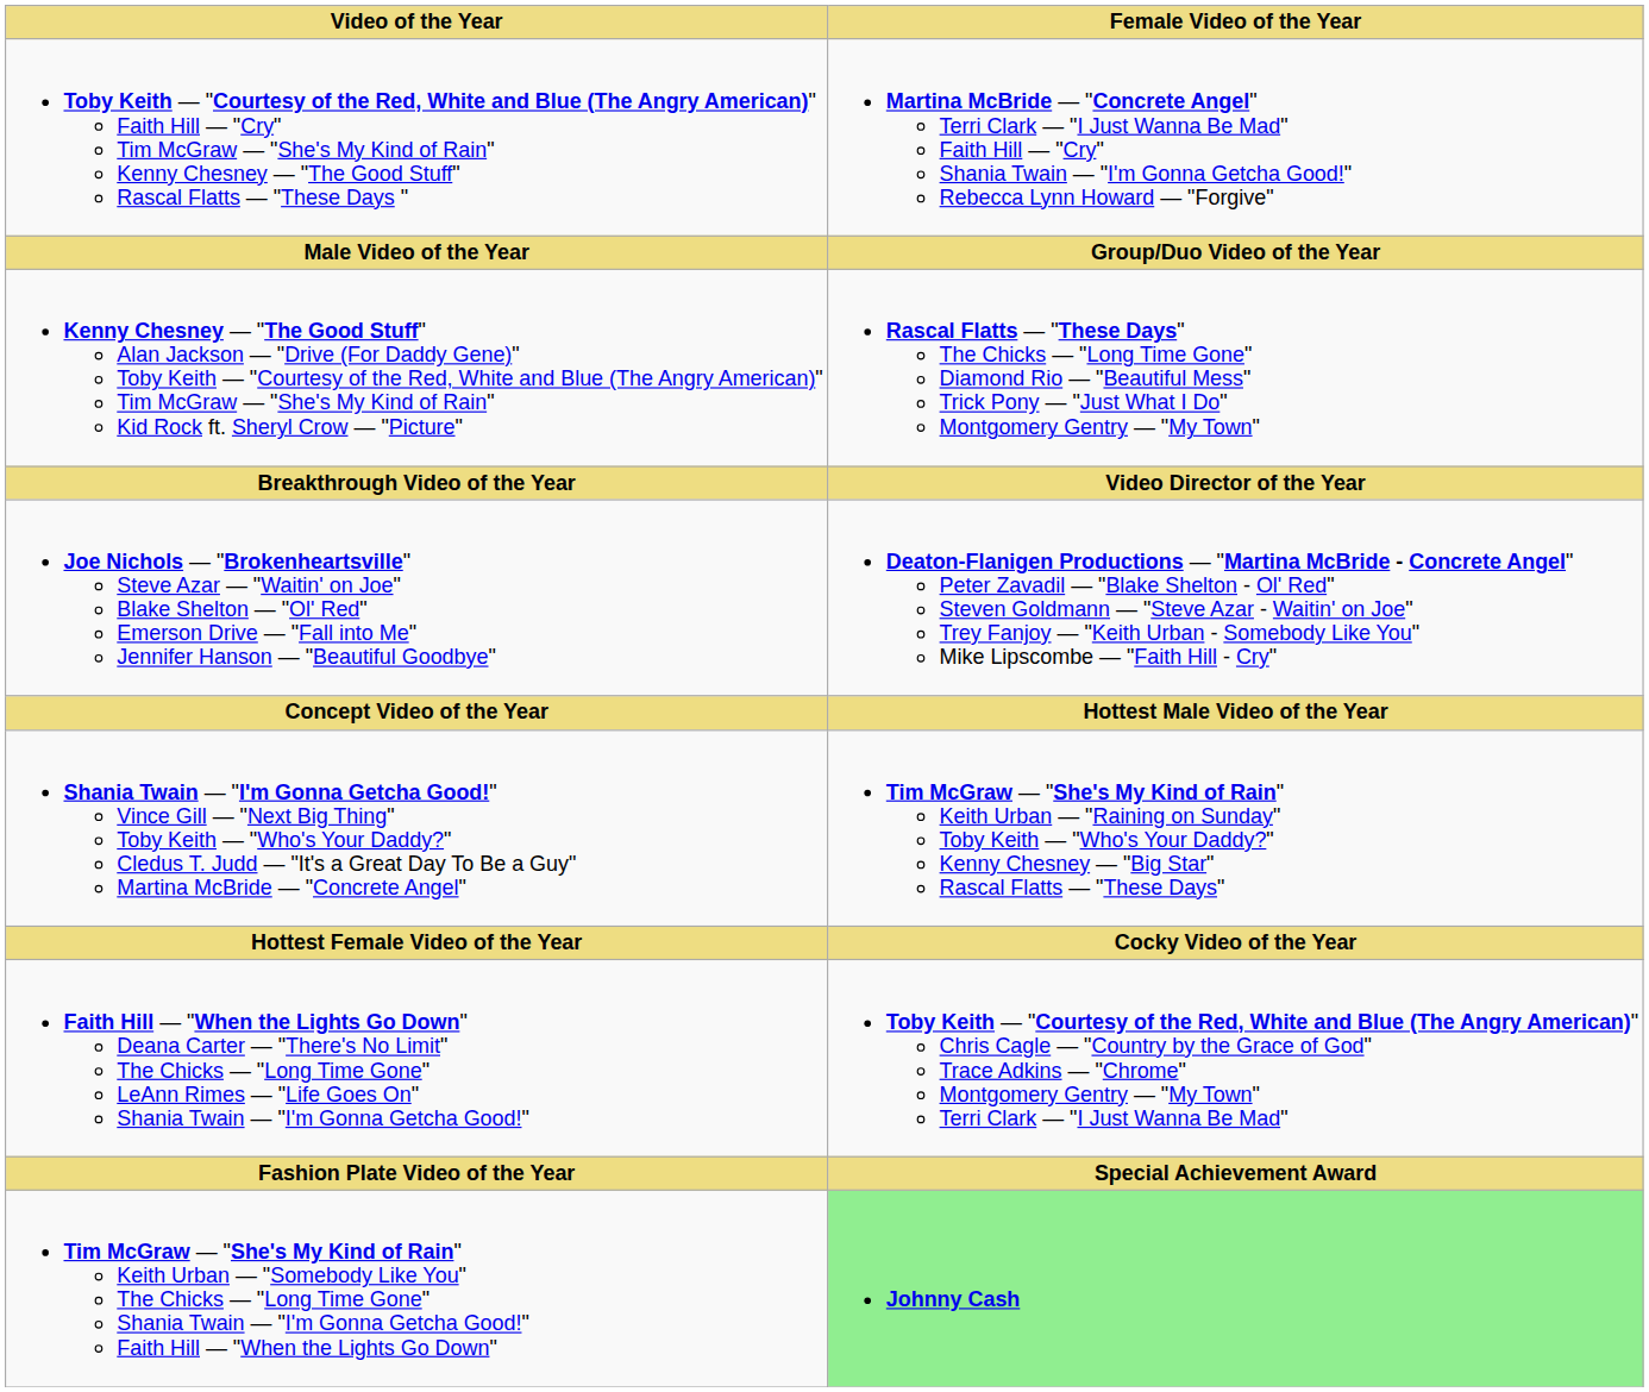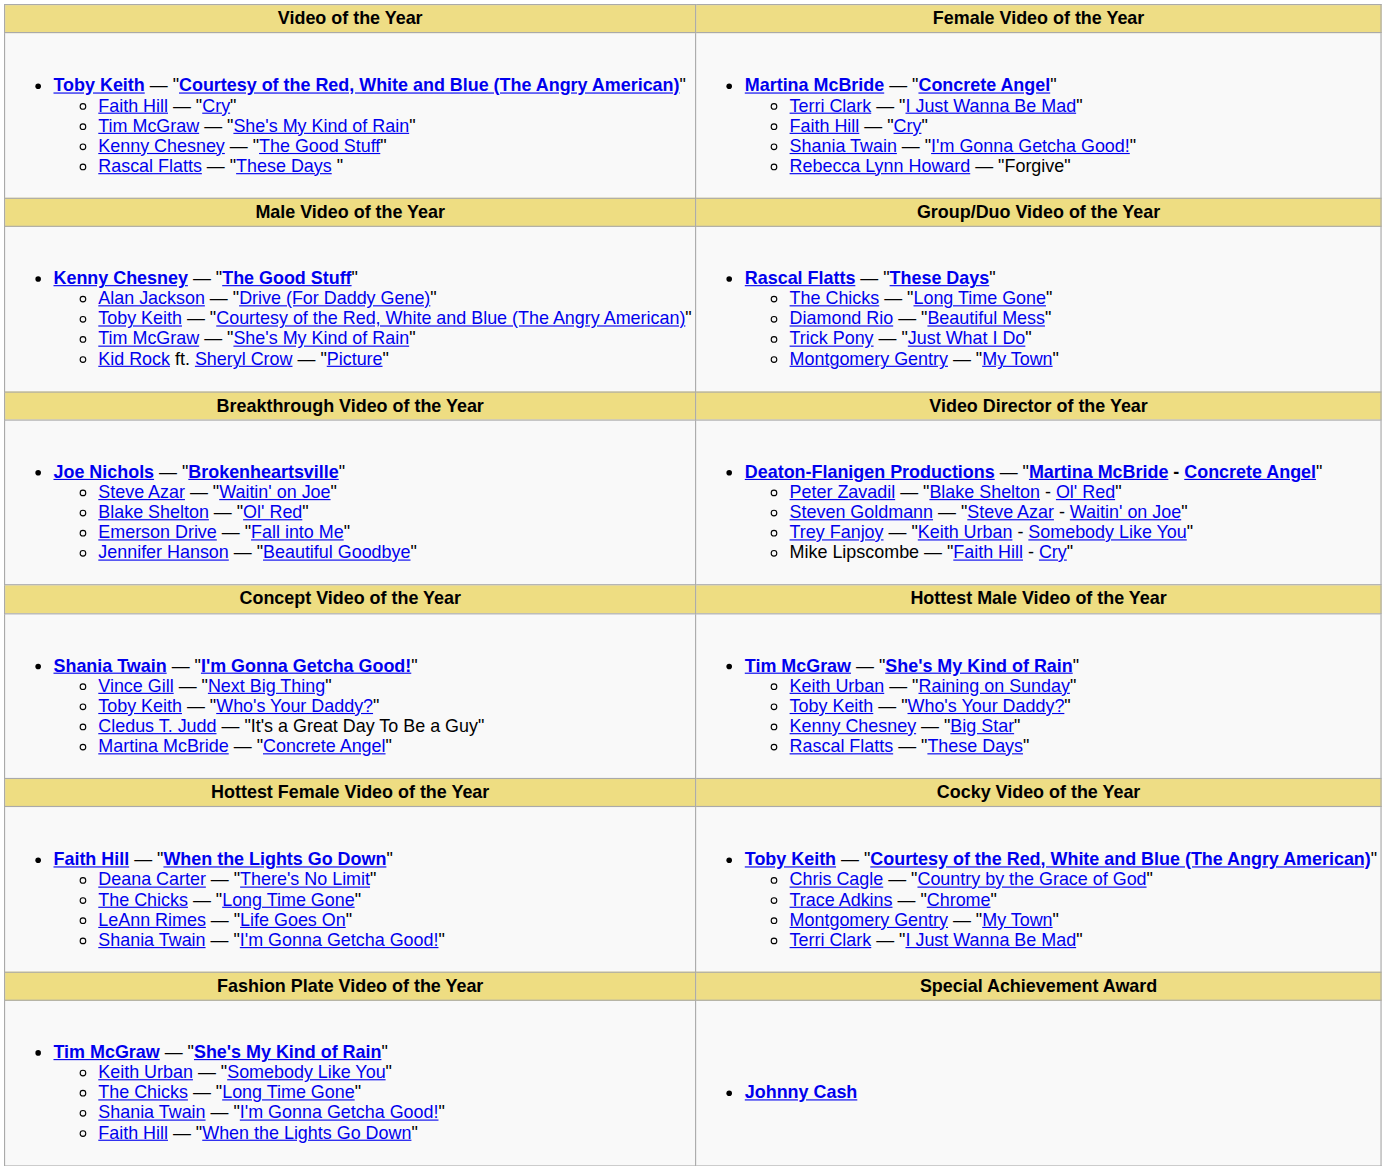 <table class="wikitable">
 <tr>
 <th style="background:#EEDD85; width=50%">Video of the Year</th>
 <th style="background:#EEDD85; width=50%">Female Video of the Year</th>
 </tr>
 <tr>
 <td valign="top"><br><ul><li><strong><a href='#'>Toby Keith</a></strong> — "<strong><a href='#'>Courtesy of the Red, White and Blue (The Angry American)</a></strong>"<ul><li><a href='#'>Faith Hill</a> — "<a href='#'>Cry</a>"</li><li><a href='#'>Tim McGraw</a> — "<a href='#'>She's My Kind of Rain</a>"</li><li><a href='#'>Kenny Chesney</a> — "<a href='#'>The Good Stuff</a>"</li><li><a href='#'>Rascal Flatts</a> — "<a href='#'>These Days</a> "</li></ul></li></ul></td>
 <td valign="top"><br><ul><li><strong><a href='#'>Martina McBride</a></strong> — "<strong><a href='#'>Concrete Angel</a></strong>"<ul><li><a href='#'>Terri Clark</a> — "<a href='#'>I Just Wanna Be Mad</a>"</li><li><a href='#'>Faith Hill</a> — "<a href='#'>Cry</a>"</li><li><a href='#'>Shania Twain</a> — "<a href='#'>I'm Gonna Getcha Good!</a>"</li><li><a href='#'>Rebecca Lynn Howard</a> — "Forgive"</li></ul></li></ul></td>
 </tr>
 <tr>
 <th style="background:#EEDD82; width=50%">Male Video of the Year</th>
 <th style="background:#EEDD82; width=50%">Group/Duo Video of the Year</th>
 </tr>
 <tr>
 <td valign="top"><br><ul><li><strong><a href='#'>Kenny Chesney</a></strong> — "<strong><a href='#'>The Good Stuff</a></strong>"<ul><li><a href='#'>Alan Jackson</a> — "<a href='#'>Drive (For Daddy Gene)</a>"</li><li><a href='#'>Toby Keith</a> — "<a href='#'>Courtesy of the Red, White and Blue (The Angry American)</a>"</li><li><a href='#'>Tim McGraw</a> — "<a href='#'>She's My Kind of Rain</a>"</li><li><a href='#'>Kid Rock</a> ft. <a href='#'>Sheryl Crow</a> — "<a href='#'>Picture</a>"</li></ul></li></ul></td>
 <td valign="top"><br><ul><li><strong><a href='#'>Rascal Flatts</a></strong> — "<a href='#'><strong>These Days</strong></a>"<ul><li><a href='#'>The Chicks</a> — "<a href='#'>Long Time Gone</a>"</li><li><a href='#'>Diamond Rio</a> — "<a href='#'>Beautiful Mess</a>"</li><li><a href='#'>Trick Pony</a> — "<a href='#'>Just What I Do</a>"</li><li><a href='#'>Montgomery Gentry</a> — "<a href='#'>My Town</a>"</li></ul></li></ul></td>
 </tr>
 <tr>
 <th style="background:#EEDD82; width=50%">Breakthrough Video of the Year</th>
 <th style="background:#EEDD82; width=50%">Video Director of the Year</th>
 </tr>
 <tr>
 <td valign="top"><br><ul><li><strong><a href='#'>Joe Nichols</a></strong> — "<strong><a href='#'>Brokenheartsville</a></strong>"<ul><li><a href='#'>Steve Azar</a> — "<a href='#'>Waitin' on Joe</a>"</li><li><a href='#'>Blake Shelton</a> — "<a href='#'>Ol' Red</a>"</li><li><a href='#'>Emerson Drive</a> — "<a href='#'>Fall into Me</a>"</li><li><a href='#'>Jennifer Hanson</a> — "<a href='#'>Beautiful Goodbye</a>"</li></ul></li></ul></td>
 <td valign="top"><br><ul><li><strong><a href='#'>Deaton-Flanigen Productions</a></strong> — "<strong><a href='#'>Martina McBride</a> - <a href='#'>Concrete Angel</a></strong>"<ul><li><a href='#'>Peter Zavadil</a> — "<a href='#'>Blake Shelton</a> - <a href='#'>Ol' Red</a>"</li><li><a href='#'>Steven Goldmann</a> — "<a href='#'>Steve Azar</a> - <a href='#'>Waitin' on Joe</a>"</li><li><a href='#'>Trey Fanjoy</a> — "<a href='#'>Keith Urban</a> - <a href='#'>Somebody Like You</a>"</li><li>Mike Lipscombe — "<a href='#'>Faith Hill</a> - <a href='#'>Cry</a>"</li></ul></li></ul></td>
 </tr>
 <tr>
 <th style="background:#EEDD82; width=50%">Concept Video of the Year</th>
 <th style="background:#EEDD82; width=50%">Hottest Male Video of the Year</th>
 </tr>
 <tr>
 <td valign="top"><br><ul><li><strong><a href='#'>Shania Twain</a></strong> — "<strong><a href='#'>I'm Gonna Getcha Good!</a></strong>"<ul><li><a href='#'>Vince Gill</a> — "<a href='#'>Next Big Thing</a>"</li><li><a href='#'>Toby Keith</a> — "<a href='#'>Who's Your Daddy?</a>"</li><li><a href='#'>Cledus T. Judd</a> — "It's a Great Day To Be a Guy"</li><li><a href='#'>Martina McBride</a> — "<a href='#'>Concrete Angel</a>"</li></ul></li></ul></td>
 <td valign="top"><br><ul><li><strong><a href='#'>Tim McGraw</a></strong> — "<strong><a href='#'>She's My Kind of Rain</a></strong>"<ul><li><a href='#'>Keith Urban</a> — "<a href='#'>Raining on Sunday</a>"</li><li><a href='#'>Toby Keith</a> — "<a href='#'>Who's Your Daddy?</a>"</li><li><a href='#'>Kenny Chesney</a> — "<a href='#'>Big Star</a>"</li><li><a href='#'>Rascal Flatts</a> — "<a href='#'>These Days</a>"</li></ul></li></ul></td>
 </tr>
 <tr>
 <th style="background:#EEDD82; width=50%">Hottest Female Video of the Year</th>
 <th style="background:#EEDD85; width=50%">Cocky Video of the Year</th>
 </tr>
 <tr>
 <td><br><ul><li><strong><a href='#'>Faith Hill</a></strong> — "<a href='#'><strong>When the Lights Go Down</strong></a>"<ul><li><a href='#'>Deana Carter</a> — "<a href='#'>There's No Limit</a>"</li><li><a href='#'>The Chicks</a> — "<a href='#'>Long Time Gone</a>"</li><li><a href='#'>LeAnn Rimes</a> — "<a href='#'>Life Goes On</a>"</li><li><a href='#'>Shania Twain</a> — "<a href='#'>I'm Gonna Getcha Good!</a>"</li></ul></li></ul></td>
 <td><br><ul><li><strong><a href='#'>Toby Keith</a></strong> — "<strong><a href='#'>Courtesy of the Red, White and Blue (The Angry American)</a></strong>"<ul><li><a href='#'>Chris Cagle</a> — "<a href='#'>Country by the Grace of God</a>"</li><li><a href='#'>Trace Adkins</a> — "<a href='#'>Chrome</a>"</li><li><a href='#'>Montgomery Gentry</a> — "<a href='#'>My Town</a>"</li><li><a href='#'>Terri Clark</a> — "<a href='#'>I Just Wanna Be Mad</a>"</li></ul></li></ul></td>
 </tr>
 <tr>
 <th style="background:#EEDD82; width=50%">Fashion Plate Video of the Year</th>
 <th style="background:#EEDD85; width=50%">Special Achievement Award</th>
 </tr>
 <tr>
 <td><br><ul><li><strong><a href='#'>Tim McGraw</a></strong> — "<strong><a href='#'>She's My Kind of Rain</a></strong>"<ul><li><a href='#'>Keith Urban</a> — "<a href='#'>Somebody Like You</a>"</li><li><a href='#'>The Chicks</a> — "<a href='#'>Long Time Gone</a>"</li><li><a href='#'>Shania Twain</a> — "<a href='#'>I'm Gonna Getcha Good!</a>"</li><li><a href='#'>Faith Hill</a> — "<a href='#'>When the Lights Go Down</a>"</li></ul></li></ul></td>
-<td style="background: lightgreen;"><br><ul><li><strong><a href='#'>Johnny Cash</a></strong></li></ul></td>
+<td><br><ul><li><strong><a href='#'>Johnny Cash</a></strong></li></ul></td>
 </tr>
 </table>
